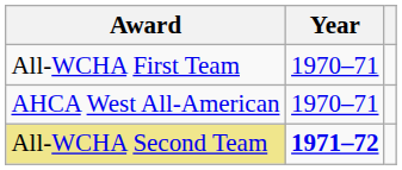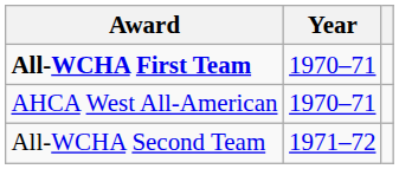 <table class="wikitable">
 <tr>
 <th>Award</th>
 <th>Year</th>
 <th></th>
 </tr>
 <tr>
-<td>All-<a href='#'>WCHA</a> <a href='#'>First Team</a></td>
+<td><strong>All-<a href='#'>WCHA</a> <a href='#'>First Team</a></strong></td>
 <td><a href='#'>1970–71</a></td>
 <td></td>
 </tr>
 <tr>
 <td><a href='#'>AHCA</a> <a href='#'>West All-American</a></td>
 <td><a href='#'>1970–71</a></td>
 <td></td>
 </tr>
 <tr>
-<td style="background: khaki;">All-<a href='#'>WCHA</a> <a href='#'>Second Team</a></td>
-<td><strong><a href='#'>1971–72</a></strong></td>
+<td>All-<a href='#'>WCHA</a> <a href='#'>Second Team</a></td>
+<td><a href='#'>1971–72</a></td>
 <td></td>
 </tr>
 </table>
